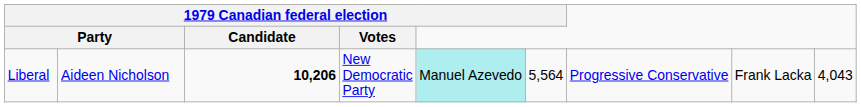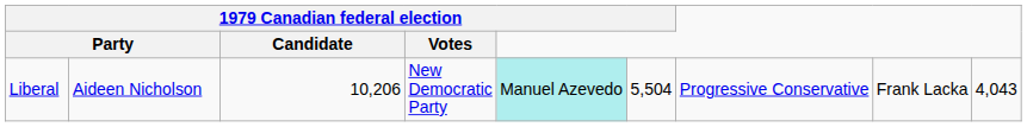 <table class="wikitable">
 <tr style="background:#e9e9e9;">
 <th colspan="6"><a href='#'>1979 Canadian federal election</a></th>
 </tr>
 <tr style="background:#e9e9e9;">
 <th colspan="2" style="width: 200px">Party</th>
 <th style="width: 170px">Candidate</th>
 <th style="width: 40px">Votes</th>
 </tr>
 <tr>
 <td><a href='#'>Liberal</a></td>
 <td><a href='#'>Aideen Nicholson</a></td>
-<td align="right"><strong>10,206<br></strong></td>
+<td align="right">10,206<br></td>
 <td><a href='#'>New Democratic Party</a></td>
 <td style="background: paleturquoise;">Manuel Azevedo</td>
-<td align="right">5,564<br></td>
+<td align="right">5,504<br></td>
 <td><a href='#'>Progressive Conservative</a></td>
 <td>Frank Lacka</td>
 <td align="right">4,043<br>  </td>
 </tr>
 </table>
